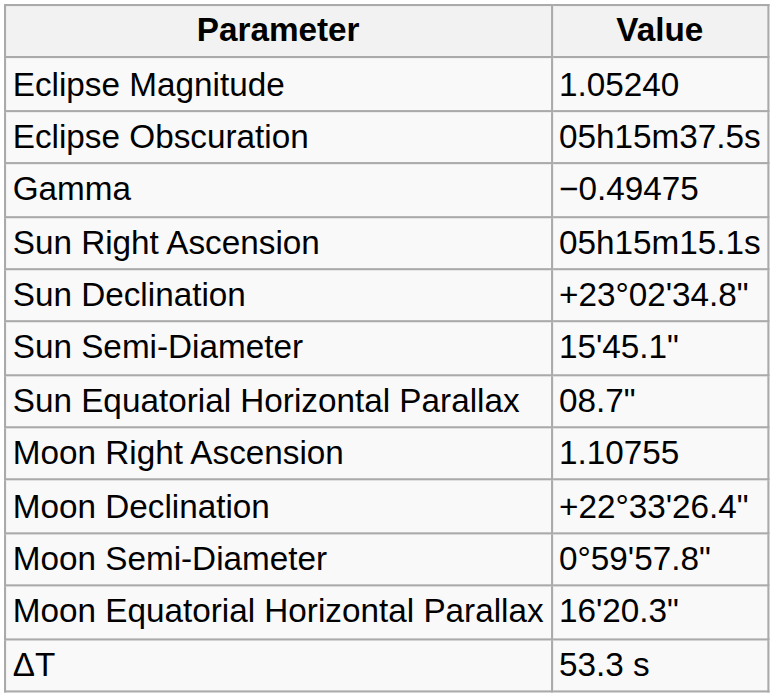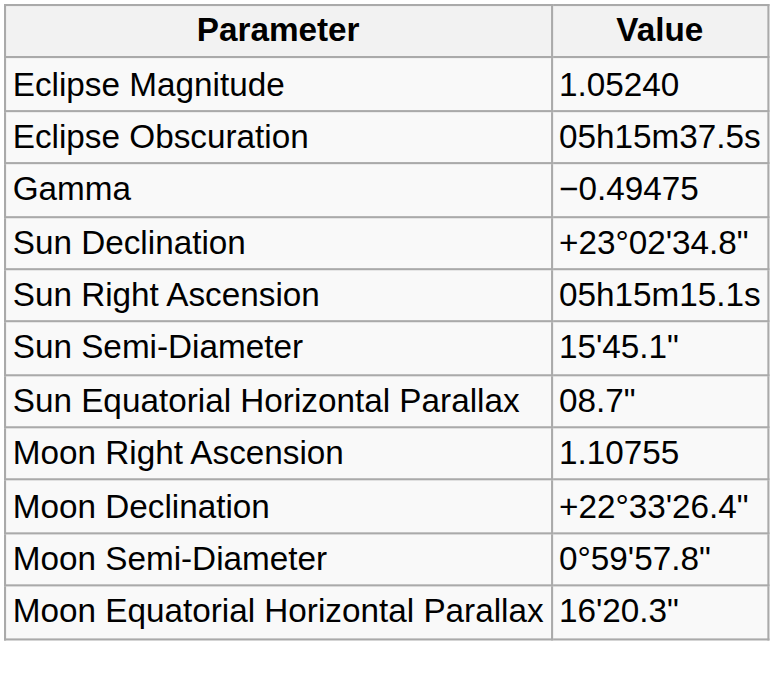 <table class="wikitable">
 <tr>
 <th>Parameter</th>
 <th>Value</th>
 </tr>
 <tr>
 <td>Eclipse Magnitude</td>
 <td>1.05240</td>
 </tr>
 <tr>
 <td>Eclipse Obscuration</td>
 <td>05h15m37.5s</td>
 </tr>
 <tr>
 <td>Gamma</td>
 <td>−0.49475</td>
 </tr>
 <tr>
+<td>Sun Declination</td>
+<td>+23°02'34.8"</td>
+</tr>
+<tr>
 <td>Sun Right Ascension</td>
 <td>05h15m15.1s</td>
-</tr>
-<tr>
-<td>Sun Declination</td>
-<td>+23°02'34.8"</td>
 </tr>
 <tr>
 <td>Sun Semi-Diameter</td>
 <td>15'45.1"</td>
 </tr>
 <tr>
 <td>Sun Equatorial Horizontal Parallax</td>
 <td>08.7"</td>
 </tr>
 <tr>
 <td>Moon Right Ascension</td>
 <td>1.10755</td>
 </tr>
 <tr>
 <td>Moon Declination</td>
 <td>+22°33'26.4"</td>
 </tr>
 <tr>
 <td>Moon Semi-Diameter</td>
 <td>0°59'57.8"</td>
 </tr>
 <tr>
 <td>Moon Equatorial Horizontal Parallax</td>
 <td>16'20.3"</td>
 </tr>
-<tr>
-<td>ΔT</td>
-<td>53.3 s</td>
-</tr>
 </table>
